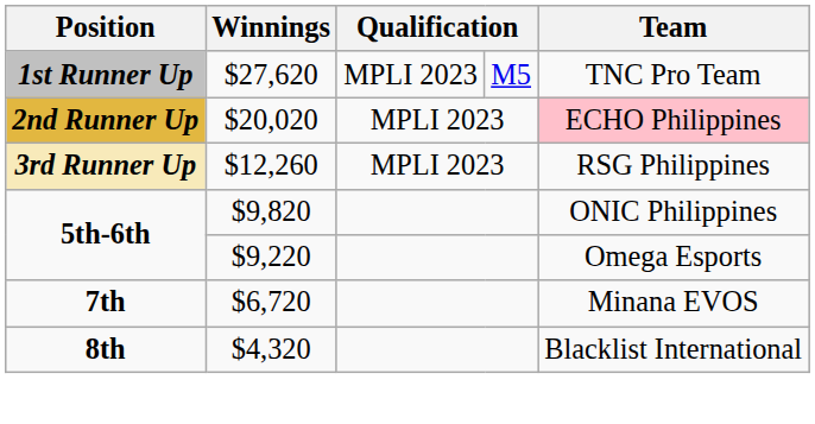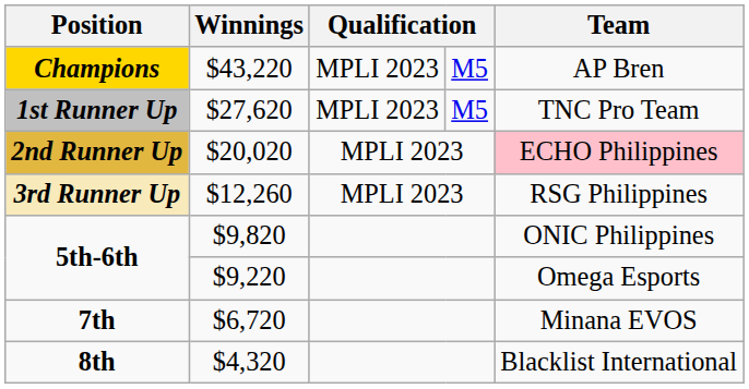 <table class="wikitable" style="left-margin: auto; right-margin: auto;">
 <tr>
 <th>Position</th>
 <th>Winnings</th>
 <th colspan="2">Qualification</th>
 <th>Team</th>
+</tr>
+<tr>
+<td style="text-align:center;" bgcolor="#FFD700"><strong><em>Champions</em></strong></td>
+<td style="text-align:center;">$43,220</td>
+<td style="text-align:center;">MPLI 2023</td>
+<td style="text-align:center;"><a href='#'>M5</a></td>
+<td style="text-align:center;">AP Bren</td>
 </tr>
 <tr>
 <td style="text-align:center;" bgcolor="#C0C0C0"><strong><em>1st Runner Up</em></strong></td>
 <td style="text-align:center;">$27,620</td>
 <td style="text-align:center;">MPLI 2023</td>
 <td style="text-align:center;"><a href='#'>M5</a></td>
 <td style="text-align:center;">TNC Pro Team</td>
 </tr>
 <tr>
 <td style="text-align:center;" bgcolor="#E2B740"><strong><em>2nd Runner Up</em></strong></td>
 <td style="text-align:center;">$20,020</td>
 <td colspan="2" style="text-align:center;">MPLI 2023</td>
 <td style="background: pink; text-align:center;">ECHO Philippines</td>
 </tr>
 <tr>
 <td style="text-align:center;" bgcolor="#F8EABA"><strong><em>3rd Runner Up</em></strong></td>
 <td style="text-align:center;">$12,260</td>
 <td colspan="2" style="text-align:center;">MPLI 2023</td>
 <td style="text-align:center;">RSG Philippines</td>
 </tr>
 <tr>
 <td rowspan="2" style="text-align:center;"><strong>5th-6th</strong></td>
 <td style="text-align:center;">$9,820</td>
 <td colspan="2" style="text-align:center;"></td>
 <td style="text-align:center;">ONIC Philippines</td>
 </tr>
 <tr>
 <td style="text-align:center;">$9,220</td>
 <td colspan="2" style="text-align:center;"></td>
 <td style="text-align:center;">Omega Esports</td>
 </tr>
 <tr>
 <td style="text-align:center;"><strong>7th</strong></td>
 <td style="text-align:center;">$6,720</td>
 <td colspan="2" style="text-align:center;"></td>
 <td style="text-align:center;">Minana EVOS</td>
 </tr>
 <tr>
 <td style="text-align:center;"><strong>8th</strong></td>
 <td style="text-align:center;">$4,320</td>
 <td colspan="2" style="text-align:center;"></td>
 <td style="text-align:center;">Blacklist International</td>
 </tr>
 </table>
